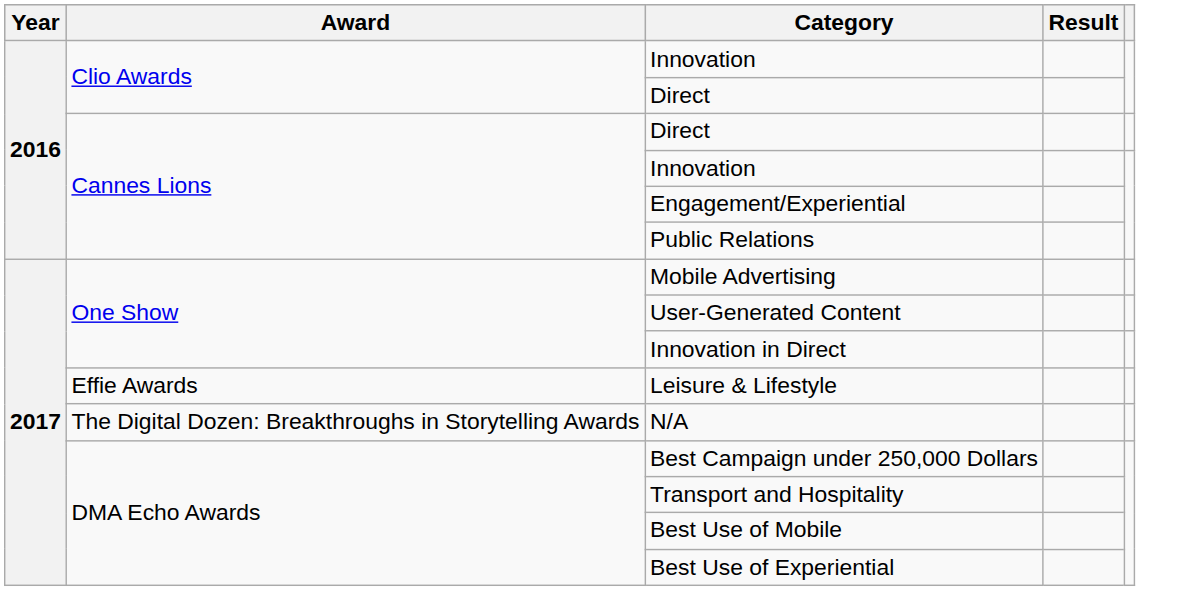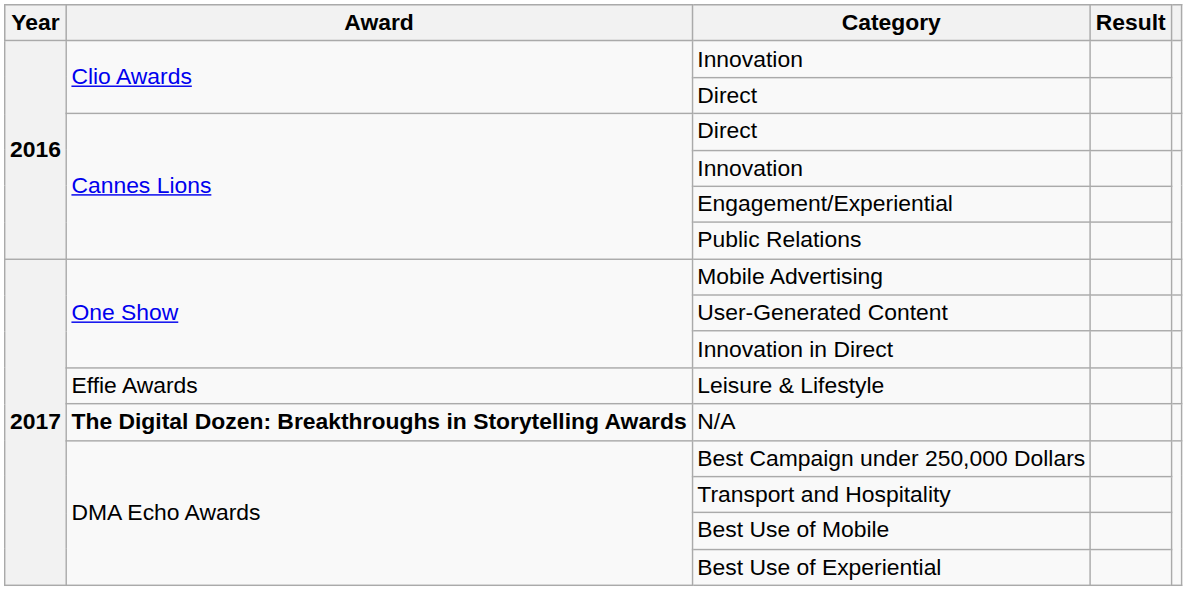 <table class="wikitable plainrowheaders sortable">
 <tr style="background:#ccc; text-align:center;">
 <th>Year</th>
 <th>Award</th>
 <th>Category</th>
 <th>Result</th>
 <th></th>
 </tr>
 <tr>
 <th scope="row" style="text-align:center;" rowspan=6>2016</th>
 <td rowspan=2><a href='#'>Clio Awards</a></td>
 <td>Innovation</td>
 <td></td>
 <td rowspan=2></td>
 </tr>
 <tr>
 <td>Direct</td>
 <td></td>
 </tr>
 <tr>
 <td rowspan=4><a href='#'>Cannes Lions</a></td>
 <td>Direct</td>
 <td></td>
 <td></td>
 </tr>
 <tr>
 <td>Innovation</td>
 <td></td>
 <td rowspan=3></td>
 </tr>
 <tr>
 <td>Engagement/Experiential</td>
 <td></td>
 </tr>
 <tr>
 <td>Public Relations</td>
 <td></td>
 </tr>
 <tr>
 <th scope="row" style="text-align:center;" rowspan=9>2017</th>
 <td rowspan=3><a href='#'>One Show</a></td>
 <td>Mobile Advertising</td>
 <td></td>
 <td></td>
 </tr>
 <tr>
 <td>User-Generated Content</td>
 <td></td>
 <td></td>
 </tr>
 <tr>
 <td>Innovation in Direct</td>
 <td></td>
 <td></td>
 </tr>
 <tr>
 <td>Effie Awards</td>
 <td>Leisure & Lifestyle</td>
 <td></td>
 <td></td>
 </tr>
 <tr>
-<td>The Digital Dozen: Breakthroughs in Storytelling Awards</td>
+<td><strong>The Digital Dozen: Breakthroughs in Storytelling Awards</strong></td>
 <td>N/A</td>
 <td></td>
 <td></td>
 </tr>
 <tr>
 <td rowspan=4>DMA Echo Awards</td>
 <td>Best Campaign under 250,000 Dollars</td>
 <td></td>
 <td rowspan=4></td>
 </tr>
 <tr>
 <td>Transport and Hospitality</td>
 <td></td>
 </tr>
 <tr>
 <td>Best Use of Mobile</td>
 <td></td>
 </tr>
 <tr>
 <td>Best Use of Experiential</td>
 <td></td>
 </tr>
 </table>
